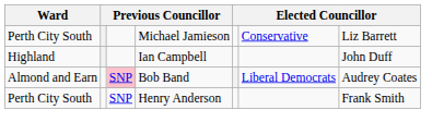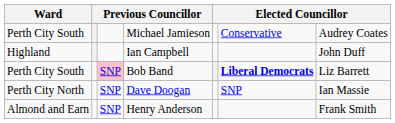 <table class="wikitable sortable" style="font-size: 95%;">
 <tr>
 <th>Ward</th>
 <th colspan="3">Previous Councillor</th>
 <th colspan="3">Elected Councillor</th>
 </tr>
 <tr>
 <td>Perth City South</td>
 <th style="background-color: "></th>
 <td></td>
 <td data-sort-value="Lumsden, Douglas">Michael Jamieson</td>
 <td style="background-color: "></td>
 <td><a href='#'>Conservative</a></td>
-<td data-sort-value="Dorans, Allan">Liz Barrett</td>
+<td data-sort-value="Flynn, Stephen">Audrey Coates</td>
 </tr>
 <tr>
 <td>Highland</td>
 <th style="background-color: "></th>
 <td></td>
 <td data-sort-value="Fleet, Natalie">Ian Campbell</td>
 <td style="background-color: "></td>
 <td></td>
 <td data-sort-value="Anderson, Lee">John Duff</td>
 </tr>
 <tr>
-<td>Almond and Earn</td>
+<td>Perth City South</td>
 <td style="background-color: "></td>
 <td style="background: pink;"><a href='#'>SNP</a></td>
 <td data-sort-value="Dowey, Martin">Bob Band</td>
 <th style="background-color: "></th>
-<td><a href='#'>Liberal Democrats</a></td>
-<td data-sort-value="Flynn, Stephen">Audrey Coates</td>
+<td><strong><a href='#'>Liberal Democrats</a></strong></td>
+<td data-sort-value="Dorans, Allan">Liz Barrett</td>
 </tr>
 <tr>
-<td>Perth City South</td>
+<td>Perth City North</td>
+<td style="background-color: "></td>
+<td><a href='#'>SNP</a></td>
+<td data-sort-value="Altree, Chris"><a href='#'>Dave Doogan</a></td>
+<td style="background-color: "></td>
+<td><a href='#'>SNP</a></td>
+<td data-sort-value="Fell, Simon">Ian Massie</td>
+</tr>
+<tr>
+<td>Almond and Earn</td>
 <td style="background-color: "></td>
 <td><a href='#'>SNP</a></td>
 <td data-sort-value="Morrison Keir">Henry Anderson</td>
 <td style="background-color: "></td>
 <td></td>
 <td data-sort-value="Clarke-Smith, Brendan">Frank Smith</td>
 </tr>
 </table>
